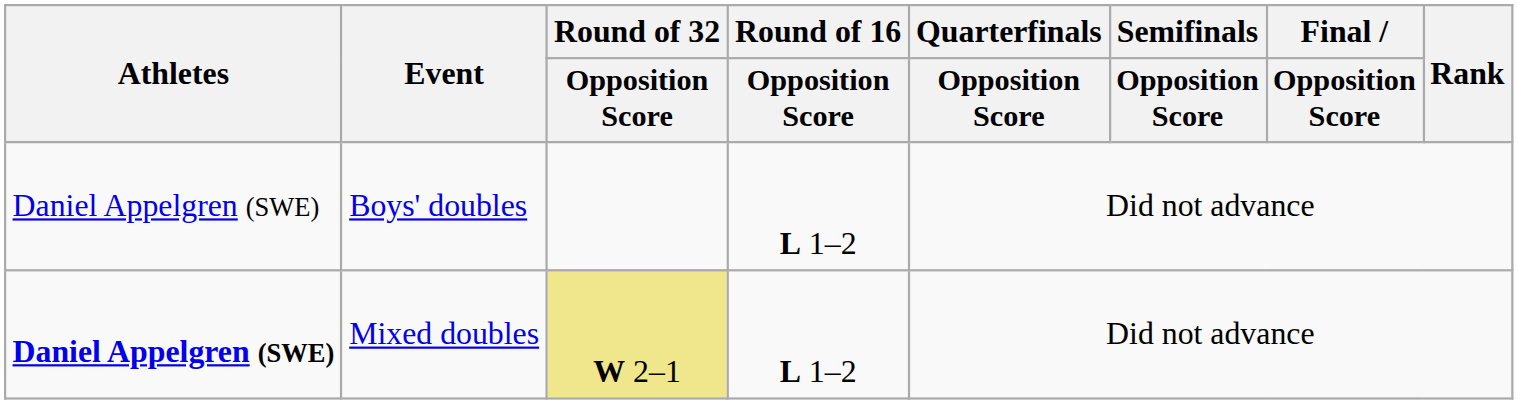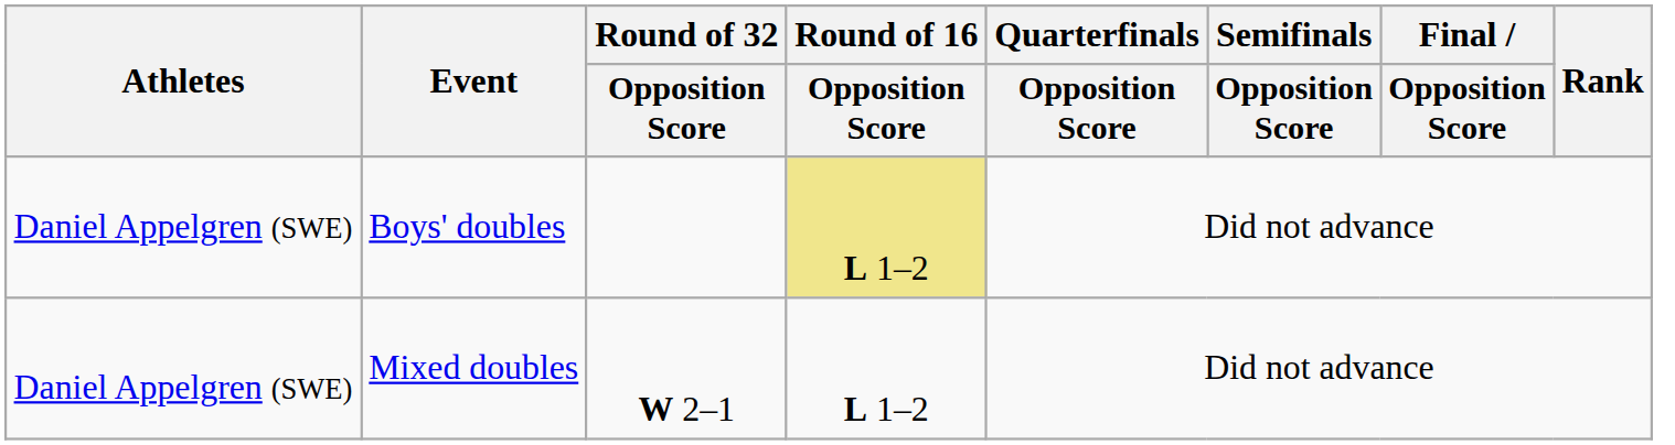 <table class=wikitable style="font-size:90%">
 <tr>
 <th rowspan="2">Athletes</th>
 <th rowspan="2">Event</th>
 <th>Round of 32</th>
 <th>Round of 16</th>
 <th>Quarterfinals</th>
 <th>Semifinals</th>
 <th>Final / </th>
 <th rowspan=2>Rank</th>
 </tr>
 <tr style="font-size:95%">
 <th>Opposition<br>Score</th>
 <th>Opposition<br>Score</th>
 <th>Opposition<br>Score</th>
 <th>Opposition<br>Score</th>
 <th>Opposition<br>Score</th>
 </tr>
 <tr align=center>
 <td align=left> <a href='#'>Daniel Appelgren</a> <small>(SWE)</small><br></td>
 <td align=left><a href='#'>Boys' doubles</a></td>
 <td></td>
-<td><br><br><strong>L</strong> 1–2</td>
+<td style="background: khaki;"><br><br><strong>L</strong> 1–2</td>
 <td colspan=4>Did not advance</td>
 </tr>
 <tr align=center>
-<td align=left><strong><br> <a href='#'>Daniel Appelgren</a> <small>(SWE)</small></strong></td>
+<td align=left><br> <a href='#'>Daniel Appelgren</a> <small>(SWE)</small></td>
 <td align=left><a href='#'>Mixed doubles</a></td>
-<td style="background: khaki;"><br><br><strong>W</strong> 2–1</td>
+<td><br><br><strong>W</strong> 2–1</td>
 <td><br><br><strong>L</strong> 1–2</td>
 <td colspan=4>Did not advance</td>
 </tr>
 </table>
